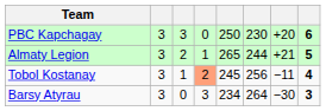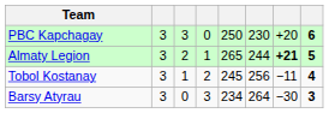 <table class="wikitable" style="text-align:center;">
 <tr>
 <th width=175>Team</th>
 <th width=20></th>
 <th width=20></th>
 <th width=20></th>
 <th width=20></th>
 <th width=20></th>
 <th width=20></th>
 <th width=20></th>
 </tr>
 <tr bgcolor=ccffcc>
 <td align="left"><a href='#'>PBC Kapchagay</a></td>
 <td>3</td>
 <td>3</td>
 <td>0</td>
 <td>250</td>
 <td>230</td>
 <td>+20</td>
 <td><strong>6</strong></td>
 </tr>
 <tr bgcolor=ccffcc>
 <td align="left"><a href='#'>Almaty Legion</a></td>
 <td>3</td>
 <td>2</td>
 <td>1</td>
 <td>265</td>
 <td>244</td>
-<td>+21</td>
+<td><strong>+21</strong></td>
 <td><strong>5</strong></td>
 </tr>
 <tr>
 <td align="left"><a href='#'>Tobol Kostanay</a></td>
 <td>3</td>
 <td>1</td>
-<td style="background: lightsalmon;">2</td>
+<td>2</td>
 <td>245</td>
 <td>256</td>
 <td>−11</td>
 <td><strong>4</strong></td>
 </tr>
 <tr>
 <td align="left"><a href='#'>Barsy Atyrau</a></td>
 <td>3</td>
 <td>0</td>
 <td>3</td>
 <td>234</td>
 <td>264</td>
 <td>−30</td>
 <td><strong>3</strong></td>
 </tr>
 </table>
